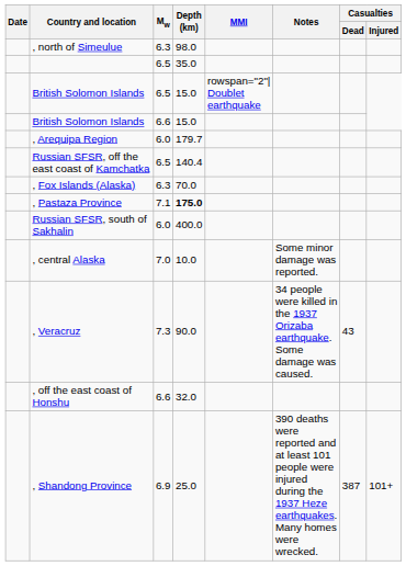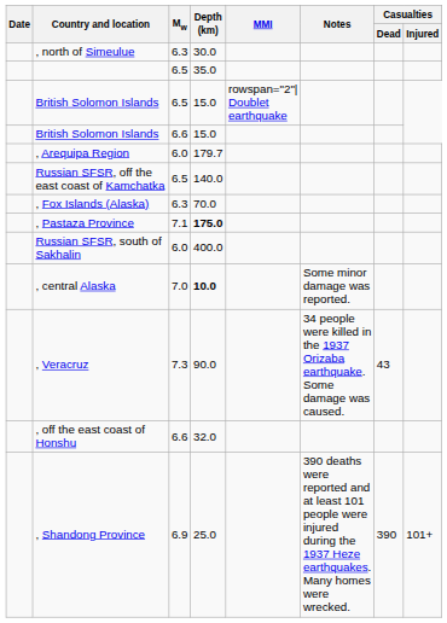 <table class="wikitable sortable sort-under" style="border:1px black; margin-left:1em;">
 <tr>
 <th rowspan="2"><small>Date</small></th>
 <th rowspan="2" style="width: 310px"><small>Country and location</small></th>
 <th rowspan="2"><small>M<sub>w</sub></small></th>
 <th rowspan="2"><small>Depth (km)</small></th>
 <th rowspan="2"><small><a href='#'>MMI</a></small></th>
 <th rowspan="2" class="unsortable"><small>Notes</small></th>
 <th colspan="2"><small>Casualties</small></th>
 </tr>
 <tr>
 <th><small>Dead</small></th>
 <th><small>Injured</small></th>
 </tr>
 <tr>
 <td></td>
 <td>, north of <a href='#'>Simeulue</a></td>
 <td>6.3</td>
-<td>98.0</td>
+<td>30.0</td>
 <td></td>
 <td></td>
 <td></td>
 <td></td>
 </tr>
 <tr>
 <td></td>
 <td></td>
 <td>6.5</td>
 <td>35.0</td>
 <td></td>
 <td></td>
 <td></td>
 <td></td>
 </tr>
 <tr>
 <td></td>
 <td> <a href='#'>British Solomon Islands</a></td>
 <td>6.5</td>
 <td>15.0</td>
 <td>rowspan="2"| <a href='#'>Doublet earthquake</a></td>
 <td></td>
 <td></td>
 </tr>
 <tr>
 <td></td>
 <td> <a href='#'>British Solomon Islands</a></td>
 <td>6.6</td>
 <td>15.0</td>
 <td></td>
 <td></td>
 <td></td>
 </tr>
 <tr>
 <td></td>
 <td>, <a href='#'>Arequipa Region</a></td>
 <td>6.0</td>
 <td>179.7</td>
 <td></td>
 <td></td>
 <td></td>
 <td></td>
 </tr>
 <tr>
 <td></td>
 <td> <a href='#'>Russian SFSR</a>, off the east coast of <a href='#'>Kamchatka</a></td>
 <td>6.5</td>
-<td>140.4</td>
+<td>140.0</td>
 <td></td>
 <td></td>
 <td></td>
 <td></td>
 </tr>
 <tr>
 <td></td>
 <td>, <a href='#'>Fox Islands (Alaska)</a></td>
 <td>6.3</td>
 <td>70.0</td>
 <td></td>
 <td></td>
 <td></td>
 <td></td>
 </tr>
 <tr>
 <td></td>
 <td>, <a href='#'>Pastaza Province</a></td>
 <td>7.1</td>
 <td><strong>175.0</strong></td>
 <td></td>
 <td></td>
 <td></td>
 <td></td>
 </tr>
 <tr>
 <td></td>
 <td> <a href='#'>Russian SFSR</a>, south of <a href='#'>Sakhalin</a></td>
 <td>6.0</td>
 <td>400.0</td>
 <td></td>
 <td></td>
 <td></td>
 <td></td>
 </tr>
 <tr>
 <td></td>
 <td>, central <a href='#'>Alaska</a></td>
 <td>7.0</td>
-<td>10.0</td>
+<td><strong>10.0</strong></td>
 <td></td>
 <td>Some minor damage was reported.</td>
 <td></td>
 <td></td>
 </tr>
 <tr>
 <td></td>
 <td>, <a href='#'>Veracruz</a></td>
 <td>7.3</td>
 <td>90.0</td>
 <td></td>
 <td>34 people were killed in the <a href='#'>1937 Orizaba earthquake</a>. Some damage was caused.</td>
 <td>43</td>
 <td></td>
 </tr>
 <tr>
 <td></td>
 <td>, off the east coast of <a href='#'>Honshu</a></td>
 <td>6.6</td>
 <td>32.0</td>
 <td></td>
 <td></td>
 <td></td>
 <td></td>
 </tr>
 <tr>
 <td></td>
 <td>, <a href='#'>Shandong Province</a></td>
 <td>6.9</td>
 <td>25.0</td>
 <td></td>
 <td>390 deaths were reported and at least 101 people were injured during the <a href='#'>1937 Heze earthquakes</a>. Many homes were wrecked.</td>
-<td>387</td>
+<td>390</td>
 <td>101+</td>
 </tr>
 </table>
